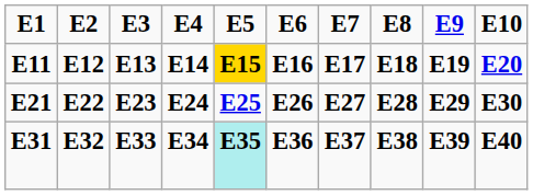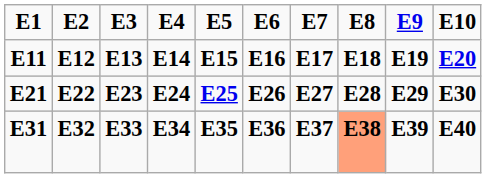 <table class="wikitable" style="text-align: center;">
 <tr valign="top">
 <td><strong>E1</strong><br></td>
 <td><strong>E2</strong><br></td>
 <td><strong>E3</strong><br></td>
 <td><strong>E4</strong><br></td>
 <td><strong>E5</strong><br></td>
 <td><strong>E6</strong><br></td>
 <td><strong>E7</strong><br></td>
 <td><strong>E8</strong><br></td>
 <td><strong><a href='#'>E9</a></strong><br></td>
 <td><strong>E10</strong><br></td>
 </tr>
 <tr valign="top">
 <td><strong>E11</strong><br></td>
 <td><strong>E12</strong><br></td>
 <td><strong>E13</strong><br></td>
 <td><strong>E14</strong><br></td>
-<td style="background: gold;"><strong>E15</strong><br></td>
+<td><strong>E15</strong><br></td>
 <td><strong>E16</strong><br></td>
 <td><strong>E17</strong><br></td>
 <td><strong>E18</strong><br></td>
 <td><strong>E19</strong><br></td>
 <td><strong><a href='#'>E20</a></strong><br></td>
 </tr>
 <tr valign="top">
 <td><strong>E21</strong><br></td>
 <td><strong>E22</strong><br></td>
 <td><strong>E23</strong><br></td>
 <td><strong>E24</strong><br></td>
 <td><strong><a href='#'>E25</a></strong><br></td>
 <td><strong>E26</strong><br></td>
 <td><strong>E27</strong><br></td>
 <td><strong>E28</strong><br></td>
 <td><strong>E29</strong><br></td>
 <td><strong>E30</strong><br></td>
 </tr>
 <tr valign="top">
 <td><strong>E31</strong><br></td>
 <td><strong>E32</strong><br></td>
 <td><strong>E33</strong><br></td>
 <td><strong>E34</strong><br></td>
-<td style="background: paleturquoise;"><strong>E35</strong><br></td>
+<td><strong>E35</strong><br></td>
 <td><strong>E36</strong><br></td>
 <td><strong>E37</strong><br></td>
-<td><strong>E38</strong><br></td>
+<td style="background: lightsalmon;"><strong>E38</strong><br></td>
 <td><strong>E39</strong><br></td>
 <td><strong>E40</strong><br><br></td>
 </tr>
 </table>
